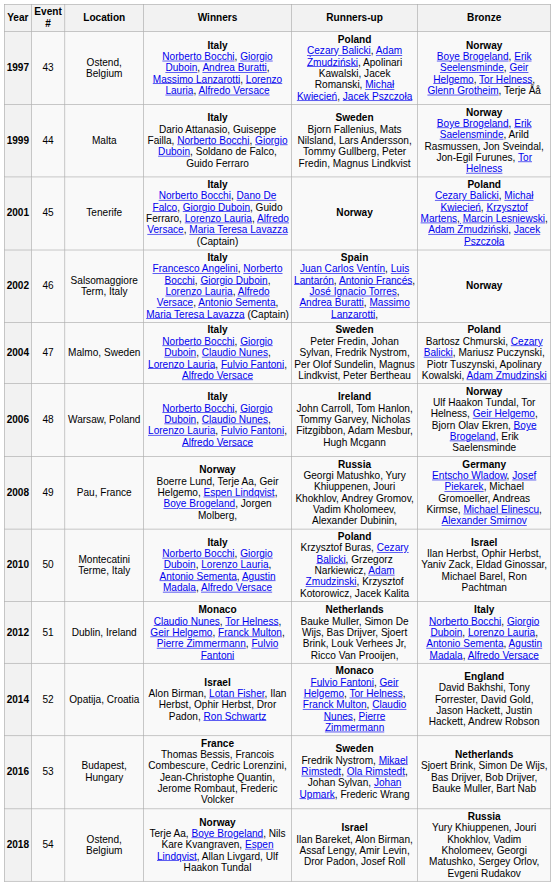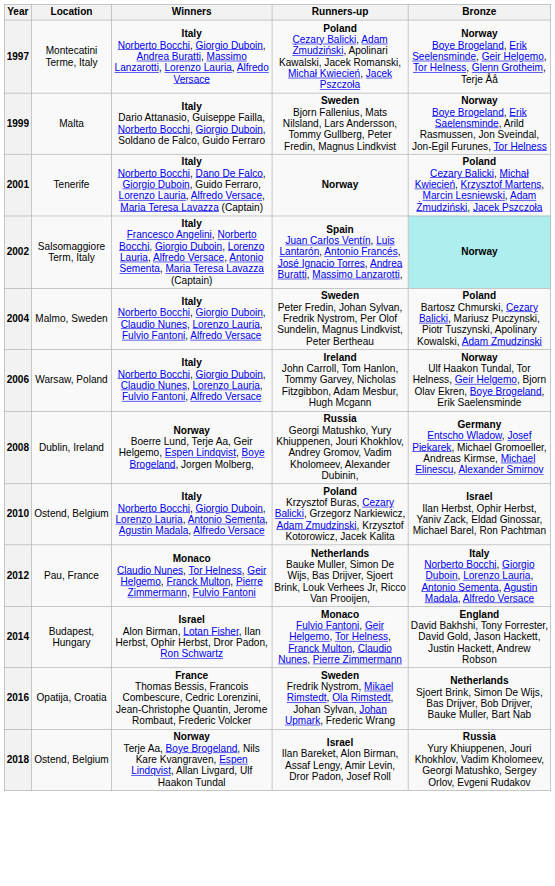 <table class="wikitable" style="text-align:center">
 <tr>
 <th>Year</th>
-<th>Event #</th>
 <th>Location</th>
 <th>Winners</th>
 <th>Runners-up</th>
 <th>Bronze</th>
 </tr>
 <tr>
 <th>1997<br></th>
-<td>43</td>
-<td>Ostend, Belgium</td>
+<td>Montecatini Terme, Italy</td>
 <td> <strong>Italy</strong><br><a href='#'>Norberto Bocchi</a>, <a href='#'>Giorgio Duboin</a>, <a href='#'>Andrea Buratti</a>, <a href='#'>Massimo Lanzarotti</a>, <a href='#'>Lorenzo Lauria</a>, <a href='#'>Alfredo Versace</a></td>
 <td> <strong>Poland</strong><br><a href='#'>Cezary Balicki</a>, <a href='#'>Adam Żmudziński</a>, Apolinari Kawalski, Jacek Romanski, <a href='#'>Michał Kwiecień</a>, <a href='#'>Jacek Pszczoła</a></td>
 <td> <strong>Norway</strong><br><a href='#'>Boye Brogeland</a>, <a href='#'>Erik Seelensminde</a>, <a href='#'>Geir Helgemo</a>, <a href='#'>Tor Helness</a>, <a href='#'>Glenn Grotheim</a>, Terje Åå</td>
 </tr>
 <tr>
 <th>1999<br></th>
-<td>44</td>
 <td>Malta</td>
 <td> <strong>Italy</strong><br>Dario Attanasio, Guiseppe Failla, <a href='#'>Norberto Bocchi</a>, <a href='#'>Giorgio Duboin</a>, Soldano de Falco, Guido Ferraro</td>
 <td> <strong>Sweden</strong><br>Bjorn Fallenius, Mats Nilsland, Lars Andersson, Tommy Gullberg, Peter Fredin, Magnus Lindkvist</td>
 <td> <strong>Norway</strong><br><a href='#'>Boye Brogeland</a>, <a href='#'>Erik Saelensminde</a>, Arild Rasmussen, Jon Sveindal, Jon-Egil Furunes, <a href='#'>Tor Helness</a></td>
 </tr>
 <tr>
 <th>2001<br></th>
-<td>45</td>
 <td>Tenerife</td>
 <td> <strong>Italy</strong><br><a href='#'>Norberto Bocchi</a>,  <a href='#'>Dano De Falco</a>,  <a href='#'>Giorgio Duboin</a>,  Guido Ferraro,  <a href='#'>Lorenzo Lauria</a>,  <a href='#'>Alfredo Versace</a>,  <a href='#'>Maria Teresa Lavazza</a> (Captain)</td>
 <td> <strong>Norway</strong></td>
 <td> <strong>Poland</strong><br><a href='#'>Cezary Balicki</a>, <a href='#'>Michał Kwiecień</a>, <a href='#'>Krzysztof Martens</a>, <a href='#'>Marcin Lesniewski</a>, <a href='#'>Adam Żmudziński</a>, <a href='#'>Jacek Pszczoła</a></td>
 </tr>
 <tr>
 <th>2002<br></th>
-<td>46</td>
 <td>Salsomaggiore Term, Italy</td>
 <td> <strong>Italy</strong><br><a href='#'>Francesco Angelini</a>, <a href='#'>Norberto Bocchi</a>,  <a href='#'>Giorgio Duboin</a>,  <a href='#'>Lorenzo Lauria</a>,  <a href='#'>Alfredo Versace</a>,  <a href='#'>Antonio Sementa</a>, <a href='#'>Maria Teresa Lavazza</a> (Captain)</td>
 <td> <strong>Spain</strong><br><a href='#'>Juan Carlos Ventín</a>, <a href='#'>Luis Lantarón</a>, <a href='#'>Antonio Francés</a>, <a href='#'>José Ignacio Torres</a>, <a href='#'>Andrea Buratti</a>, <a href='#'>Massimo Lanzarotti</a>,</td>
-<td> <strong>Norway</strong></td>
+<td style="background: paleturquoise;"> <strong>Norway</strong></td>
 </tr>
 <tr>
 <th>2004<br></th>
-<td>47</td>
 <td>Malmo, Sweden</td>
 <td> <strong>Italy</strong><br><a href='#'>Norberto Bocchi</a>, <a href='#'>Giorgio Duboin</a>, <a href='#'>Claudio Nunes</a>, <a href='#'>Lorenzo Lauria</a>, <a href='#'>Fulvio Fantoni</a>, <a href='#'>Alfredo Versace</a></td>
 <td> <strong>Sweden</strong><br>Peter Fredin, Johan Sylvan, Fredrik Nystrom, Per Olof Sundelin, Magnus Lindkvist, Peter Bertheau</td>
 <td> <strong>Poland</strong><br>Bartosz Chmurski, <a href='#'>Cezary Balicki</a>, Mariusz Puczynski, Piotr Tuszynski, Apolinary Kowalski, <a href='#'>Adam Zmudzinski</a></td>
 </tr>
 <tr>
 <th>2006<br></th>
-<td>48</td>
 <td>Warsaw, Poland</td>
 <td> <strong>Italy</strong><br><a href='#'>Norberto Bocchi</a>, <a href='#'>Giorgio Duboin</a>, <a href='#'>Claudio Nunes</a>, <a href='#'>Lorenzo Lauria</a>, <a href='#'>Fulvio Fantoni</a>, <a href='#'>Alfredo Versace</a></td>
 <td> <strong>Ireland</strong><br>John Carroll, Tom Hanlon, Tommy Garvey, Nicholas Fitzgibbon, Adam Mesbur, Hugh Mcgann</td>
 <td> <strong>Norway</strong><br>Ulf Haakon Tundal, Tor Helness, <a href='#'>Geir Helgemo</a>, Bjorn Olav Ekren, <a href='#'>Boye Brogeland</a>, Erik Saelensminde</td>
 </tr>
 <tr>
 <th>2008<br></th>
-<td>49</td>
-<td>Pau, France</td>
+<td>Dublin, Ireland</td>
 <td> <strong>Norway</strong><br>Boerre Lund, Terje Aa, Geir Helgemo, <a href='#'>Espen Lindqvist</a>, <a href='#'>Boye Brogeland</a>, Jorgen Molberg,</td>
 <td> <strong>Russia</strong><br>Georgi Matushko, Yury Khiuppenen, Jouri Khokhlov, Andrey Gromov, Vadim Kholomeev, Alexander Dubinin,</td>
 <td> <strong>Germany</strong><br><a href='#'>Entscho Wladow</a>, <a href='#'>Josef Piekarek</a>, Michael Gromoeller, Andreas Kirmse, <a href='#'>Michael Elinescu</a>, <a href='#'>Alexander Smirnov</a></td>
 </tr>
 <tr>
 <th>2010<br></th>
-<td>50</td>
-<td>Montecatini Terme, Italy</td>
+<td>Ostend, Belgium</td>
 <td> <strong>Italy</strong><br><a href='#'>Norberto Bocchi</a>, <a href='#'>Giorgio Duboin</a>, <a href='#'>Lorenzo Lauria</a>, <a href='#'>Antonio Sementa</a>, <a href='#'>Agustin Madala</a>, <a href='#'>Alfredo Versace</a></td>
 <td> <strong>Poland</strong><br>Krzysztof Buras, <a href='#'>Cezary Balicki</a>, Grzegorz Narkiewicz, <a href='#'>Adam Zmudzinski</a>, Krzysztof Kotorowicz, Jacek Kalita</td>
 <td> <strong>Israel</strong><br>Ilan Herbst, Ophir Herbst, Yaniv Zack, Eldad Ginossar, Michael Barel, Ron Pachtman</td>
 </tr>
 <tr>
 <th>2012<br></th>
-<td>51</td>
-<td>Dublin, Ireland</td>
+<td>Pau, France</td>
 <td> <strong>Monaco</strong><br><a href='#'>Claudio Nunes</a>, <a href='#'>Tor Helness</a>, <a href='#'>Geir Helgemo</a>, <a href='#'>Franck Multon</a>, <a href='#'>Pierre Zimmermann</a>, <a href='#'>Fulvio Fantoni</a></td>
 <td> <strong>Netherlands</strong><br>Bauke Muller, Simon De Wijs, Bas Drijver, Sjoert Brink, Louk Verhees Jr, Ricco Van Prooijen,</td>
 <td> <strong>Italy</strong><br><a href='#'>Norberto Bocchi</a>, <a href='#'>Giorgio Duboin</a>, <a href='#'>Lorenzo Lauria</a>, <a href='#'>Antonio Sementa</a>, <a href='#'>Agustin Madala</a>, <a href='#'>Alfredo Versace</a></td>
 </tr>
 <tr>
 <th>2014<br></th>
-<td>52</td>
-<td>Opatija, Croatia</td>
+<td>Budapest, Hungary</td>
 <td> <strong>Israel</strong><br>Alon Birman, <a href='#'>Lotan Fisher</a>, Ilan Herbst, Ophir Herbst, Dror Padon, <a href='#'>Ron Schwartz</a></td>
 <td> <strong>Monaco</strong><br><a href='#'>Fulvio Fantoni</a>, <a href='#'>Geir Helgemo</a>, <a href='#'>Tor Helness</a>, <a href='#'>Franck Multon</a>, <a href='#'>Claudio Nunes</a>, <a href='#'>Pierre Zimmermann</a></td>
 <td> <strong>England</strong><br>David Bakhshi, Tony Forrester, David Gold, Jason Hackett, Justin Hackett, Andrew Robson</td>
 </tr>
 <tr>
 <th>2016<br></th>
-<td>53</td>
-<td>Budapest, Hungary</td>
+<td>Opatija, Croatia</td>
 <td> <strong>France</strong><br>Thomas Bessis, Francois Combescure, Cedric Lorenzini, Jean-Christophe Quantin, Jerome Rombaut, Frederic Volcker</td>
 <td> <strong>Sweden</strong><br>Fredrik Nystrom, <a href='#'>Mikael Rimstedt</a>, <a href='#'>Ola Rimstedt</a>, Johan Sylvan, <a href='#'>Johan Upmark</a>, Frederic Wrang</td>
 <td> <strong>Netherlands</strong><br>Sjoert Brink, Simon De Wijs, Bas Drijver, Bob Drijver, Bauke Muller, Bart Nab</td>
 </tr>
 <tr>
 <th>2018<br></th>
-<td>54</td>
 <td>Ostend, Belgium</td>
 <td> <strong>Norway</strong><br>Terje Aa, <a href='#'>Boye Brogeland</a>, Nils Kare Kvangraven, <a href='#'>Espen Lindqvist</a>, Allan Livgard, Ulf Haakon Tundal</td>
 <td> <strong>Israel</strong><br>Ilan Bareket, Alon Birman, Assaf Lengy, Amir Levin, Dror Padon, Josef Roll</td>
 <td> <strong>Russia</strong><br>Yury Khiuppenen, Jouri Khokhlov, Vadim Kholomeev, Georgi Matushko, Sergey Orlov, Evgeni Rudakov</td>
 </tr>
 </table>
